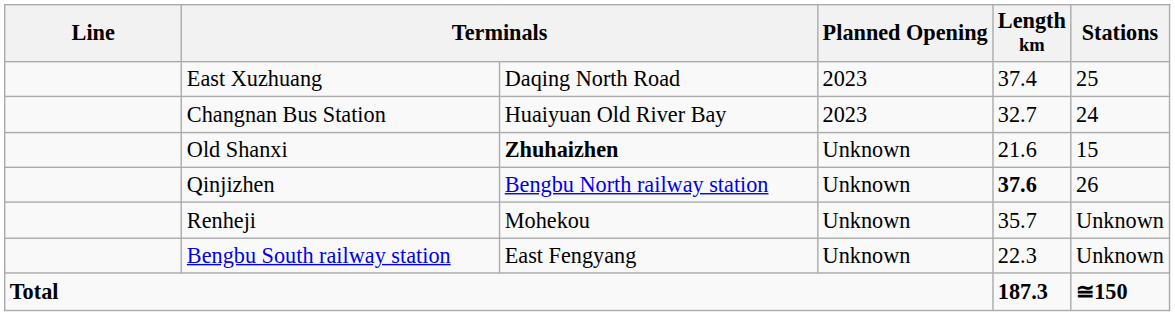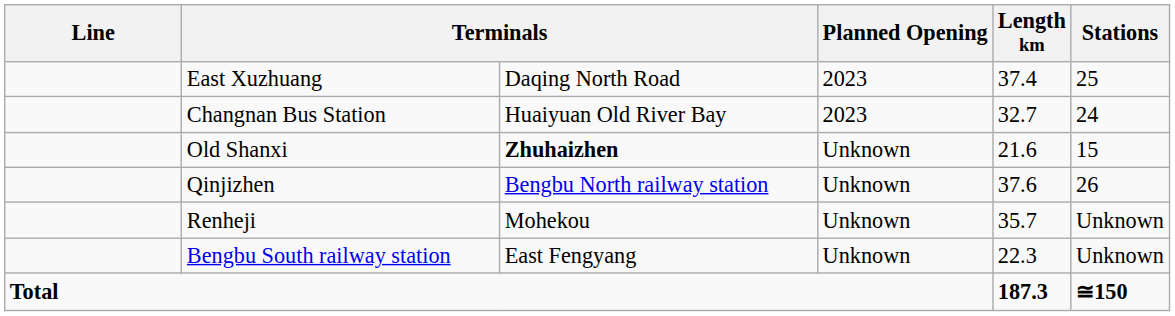 <table class="wikitable sortable">
 <tr>
 <th data-sort-type="text"style="width:120px;">Line</th>
 <th class="unsortable" colspan="2" style="width:450px; line-height:1.05">Terminals</th>
 <th>Planned Opening</th>
 <th style="line-height:1.05">Length<br><small>km</small></th>
 <th style="line-height:1.05">Stations</th>
 </tr>
 <tr>
 <td></td>
 <td>East Xuzhuang</td>
 <td>Daqing North Road</td>
 <td>2023</td>
 <td>37.4</td>
 <td>25</td>
 </tr>
 <tr>
 <td></td>
 <td>Changnan Bus Station</td>
 <td>Huaiyuan Old River Bay</td>
 <td>2023</td>
 <td>32.7</td>
 <td>24</td>
 </tr>
 <tr>
 <td></td>
 <td>Old Shanxi</td>
 <td><strong>Zhuhaizhen</strong></td>
 <td>Unknown</td>
 <td>21.6</td>
 <td>15</td>
 </tr>
 <tr>
 <td></td>
 <td>Qinjizhen</td>
 <td><a href='#'>Bengbu North railway station</a></td>
 <td>Unknown</td>
-<td><strong>37.6</strong></td>
+<td>37.6</td>
 <td>26</td>
 </tr>
 <tr>
 <td></td>
 <td>Renheji</td>
 <td>Mohekou</td>
 <td>Unknown</td>
 <td>35.7</td>
 <td>Unknown</td>
 </tr>
 <tr>
 <td></td>
 <td><a href='#'>Bengbu South railway station</a></td>
 <td>East Fengyang</td>
 <td>Unknown</td>
 <td>22.3</td>
 <td>Unknown</td>
 </tr>
 <tr class="sortbottom">
 <td colspan="4"><strong>Total</strong></td>
 <td><strong>187.3</strong></td>
 <td><strong>≅150</strong></td>
 </tr>
 </table>
